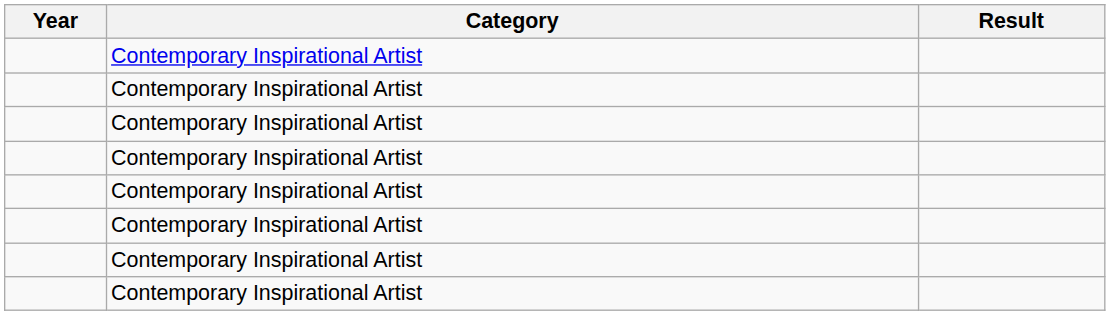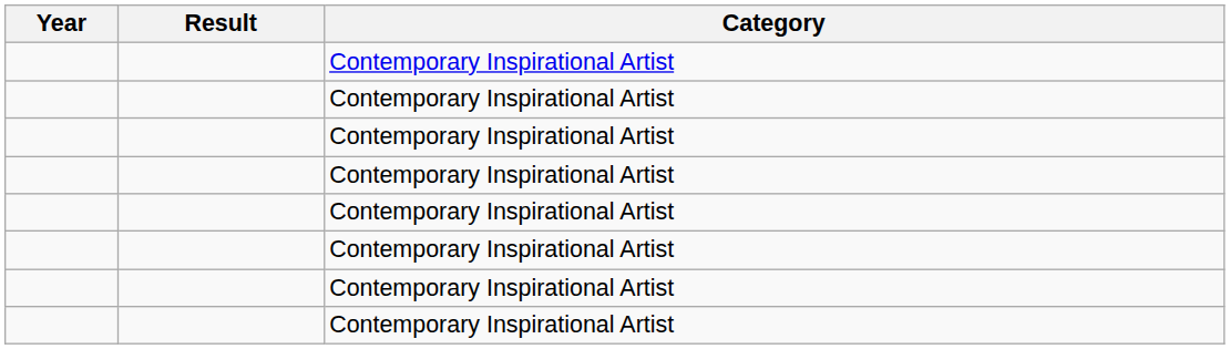 <table class="wikitable" width="65%">
 <tr>
 <th scope=col width="6%">Year</th>
+<th scope=col width="11%">Result</th>
 <th scope=col width="48%">Category</th>
-<th scope=col width="11%">Result</th>
 </tr>
 <tr>
 <td align="center"></td>
+<td></td>
 <td><a href='#'>Contemporary Inspirational Artist</a></td>
-<td></td>
 </tr>
 <tr>
 <td align="center"></td>
+<td></td>
 <td>Contemporary Inspirational Artist</td>
-<td></td>
 </tr>
 <tr>
 <td align="center"></td>
+<td></td>
 <td>Contemporary Inspirational Artist</td>
-<td></td>
 </tr>
 <tr>
 <td align="center"></td>
+<td></td>
 <td>Contemporary Inspirational Artist</td>
-<td></td>
 </tr>
 <tr>
 <td align="center"></td>
+<td></td>
 <td>Contemporary Inspirational Artist</td>
-<td></td>
 </tr>
 <tr>
 <td align="center"></td>
+<td></td>
 <td>Contemporary Inspirational Artist</td>
-<td></td>
 </tr>
 <tr>
 <td align="center"></td>
+<td></td>
 <td>Contemporary Inspirational Artist</td>
-<td></td>
 </tr>
 <tr>
 <td align="center"></td>
+<td></td>
 <td>Contemporary Inspirational Artist</td>
-<td></td>
 </tr>
 </table>
